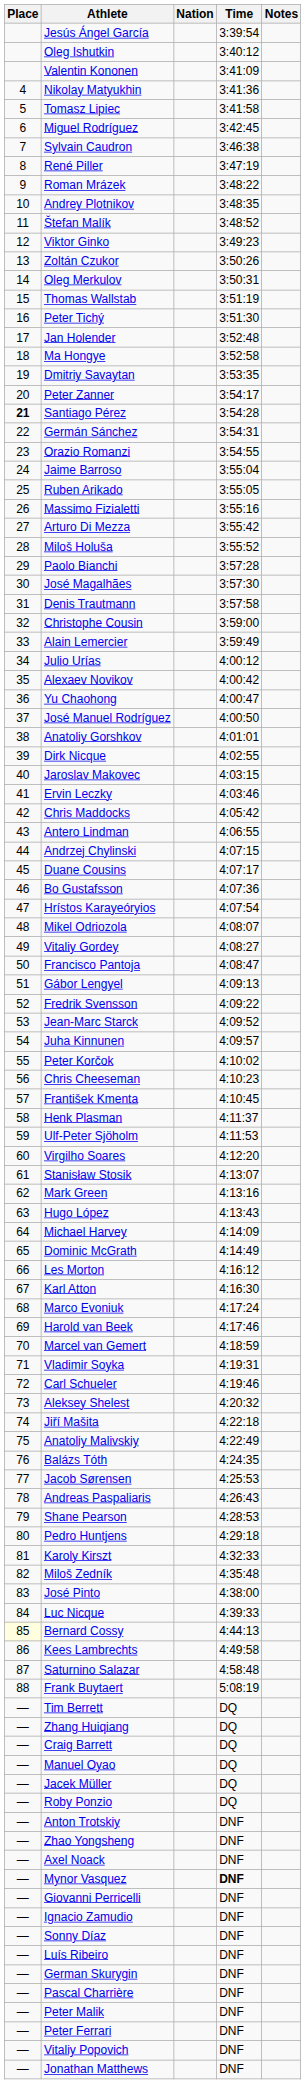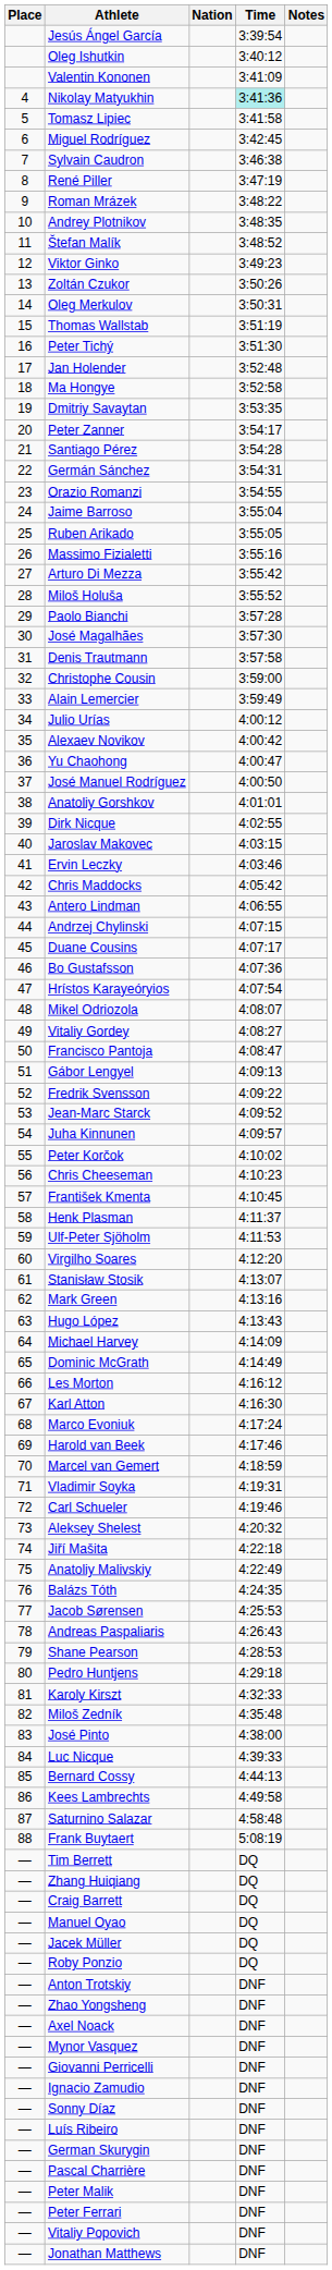 <table class=wikitable>
 <tr>
 <th>Place</th>
 <th>Athlete</th>
 <th>Nation</th>
 <th>Time</th>
 <th>Notes</th>
 </tr>
 <tr>
 <td align=center></td>
 <td><a href='#'>Jesús Ángel García</a></td>
 <td></td>
 <td>3:39:54</td>
 <td> </td>
 </tr>
 <tr>
 <td align=center></td>
 <td><a href='#'>Oleg Ishutkin</a></td>
 <td></td>
 <td>3:40:12</td>
 <td> </td>
 </tr>
 <tr>
 <td align=center></td>
 <td><a href='#'>Valentin Kononen</a></td>
 <td></td>
 <td>3:41:09</td>
 <td> </td>
 </tr>
 <tr>
 <td align=center>4</td>
 <td><a href='#'>Nikolay Matyukhin</a></td>
 <td></td>
-<td>3:41:36</td>
+<td style="background: paleturquoise;">3:41:36</td>
 <td> </td>
 </tr>
 <tr>
 <td align=center>5</td>
 <td><a href='#'>Tomasz Lipiec</a></td>
 <td></td>
 <td>3:41:58</td>
 <td> </td>
 </tr>
 <tr>
 <td align=center>6</td>
 <td><a href='#'>Miguel Rodríguez</a></td>
 <td></td>
 <td>3:42:45</td>
 <td> </td>
 </tr>
 <tr>
 <td align=center>7</td>
 <td><a href='#'>Sylvain Caudron</a></td>
 <td></td>
 <td>3:46:38</td>
 <td> </td>
 </tr>
 <tr>
 <td align=center>8</td>
 <td><a href='#'>René Piller</a></td>
 <td></td>
 <td>3:47:19</td>
 <td> </td>
 </tr>
 <tr>
 <td align=center>9</td>
 <td><a href='#'>Roman Mrázek</a></td>
 <td></td>
 <td>3:48:22</td>
 <td> </td>
 </tr>
 <tr>
 <td align=center>10</td>
 <td><a href='#'>Andrey Plotnikov</a></td>
 <td></td>
 <td>3:48:35</td>
 <td> </td>
 </tr>
 <tr>
 <td align=center>11</td>
 <td><a href='#'>Štefan Malík</a></td>
 <td></td>
 <td>3:48:52</td>
 <td> </td>
 </tr>
 <tr>
 <td align=center>12</td>
 <td><a href='#'>Viktor Ginko</a></td>
 <td></td>
 <td>3:49:23</td>
 <td> </td>
 </tr>
 <tr>
 <td align=center>13</td>
 <td><a href='#'>Zoltán Czukor</a></td>
 <td></td>
 <td>3:50:26</td>
 <td> </td>
 </tr>
 <tr>
 <td align=center>14</td>
 <td><a href='#'>Oleg Merkulov</a></td>
 <td></td>
 <td>3:50:31</td>
 <td> </td>
 </tr>
 <tr>
 <td align=center>15</td>
 <td><a href='#'>Thomas Wallstab</a></td>
 <td></td>
 <td>3:51:19</td>
 <td> </td>
 </tr>
 <tr>
 <td align=center>16</td>
 <td><a href='#'>Peter Tichý</a></td>
 <td></td>
 <td>3:51:30</td>
 <td> </td>
 </tr>
 <tr>
 <td align=center>17</td>
 <td><a href='#'>Jan Holender</a></td>
 <td></td>
 <td>3:52:48</td>
 <td> </td>
 </tr>
 <tr>
 <td align=center>18</td>
 <td><a href='#'>Ma Hongye</a></td>
 <td></td>
 <td>3:52:58</td>
 <td> </td>
 </tr>
 <tr>
 <td align=center>19</td>
 <td><a href='#'>Dmitriy Savaytan</a></td>
 <td></td>
 <td>3:53:35</td>
 <td> </td>
 </tr>
 <tr>
 <td align=center>20</td>
 <td><a href='#'>Peter Zanner</a></td>
 <td></td>
 <td>3:54:17</td>
 <td> </td>
 </tr>
 <tr>
-<td align=center><strong>21</strong></td>
+<td align=center>21</td>
 <td><a href='#'>Santiago Pérez</a></td>
 <td></td>
 <td>3:54:28</td>
 <td></td>
 </tr>
 <tr>
 <td align=center>22</td>
 <td><a href='#'>Germán Sánchez</a></td>
 <td></td>
 <td>3:54:31</td>
 <td></td>
 </tr>
 <tr>
 <td align=center>23</td>
 <td><a href='#'>Orazio Romanzi</a></td>
 <td></td>
 <td>3:54:55</td>
 <td></td>
 </tr>
 <tr>
 <td align=center>24</td>
 <td><a href='#'>Jaime Barroso</a></td>
 <td></td>
 <td>3:55:04</td>
 <td></td>
 </tr>
 <tr>
 <td align=center>25</td>
 <td><a href='#'>Ruben Arikado</a></td>
 <td></td>
 <td>3:55:05</td>
 <td></td>
 </tr>
 <tr>
 <td align=center>26</td>
 <td><a href='#'>Massimo Fizialetti</a></td>
 <td></td>
 <td>3:55:16</td>
 <td></td>
 </tr>
 <tr>
 <td align=center>27</td>
 <td><a href='#'>Arturo Di Mezza</a></td>
 <td></td>
 <td>3:55:42</td>
 <td></td>
 </tr>
 <tr>
 <td align=center>28</td>
 <td><a href='#'>Miloš Holuša</a></td>
 <td></td>
 <td>3:55:52</td>
 <td></td>
 </tr>
 <tr>
 <td align=center>29</td>
 <td><a href='#'>Paolo Bianchi</a></td>
 <td></td>
 <td>3:57:28</td>
 <td></td>
 </tr>
 <tr>
 <td align=center>30</td>
 <td><a href='#'>José Magalhães</a></td>
 <td></td>
 <td>3:57:30</td>
 <td></td>
 </tr>
 <tr>
 <td align=center>31</td>
 <td><a href='#'>Denis Trautmann</a></td>
 <td></td>
 <td>3:57:58</td>
 <td></td>
 </tr>
 <tr>
 <td align=center>32</td>
 <td><a href='#'>Christophe Cousin</a></td>
 <td></td>
 <td>3:59:00</td>
 <td></td>
 </tr>
 <tr>
 <td align=center>33</td>
 <td><a href='#'>Alain Lemercier</a></td>
 <td></td>
 <td>3:59:49</td>
 <td></td>
 </tr>
 <tr>
 <td align=center>34</td>
 <td><a href='#'>Julio Urías</a></td>
 <td></td>
 <td>4:00:12</td>
 <td></td>
 </tr>
 <tr>
 <td align=center>35</td>
 <td><a href='#'>Alexaev Novikov</a></td>
 <td></td>
 <td>4:00:42</td>
 <td></td>
 </tr>
 <tr>
 <td align=center>36</td>
 <td><a href='#'>Yu Chaohong</a></td>
 <td></td>
 <td>4:00:47</td>
 <td></td>
 </tr>
 <tr>
 <td align=center>37</td>
 <td><a href='#'>José Manuel Rodríguez</a></td>
 <td></td>
 <td>4:00:50</td>
 <td></td>
 </tr>
 <tr>
 <td align=center>38</td>
 <td><a href='#'>Anatoliy Gorshkov</a></td>
 <td></td>
 <td>4:01:01</td>
 <td></td>
 </tr>
 <tr>
 <td align=center>39</td>
 <td><a href='#'>Dirk Nicque</a></td>
 <td></td>
 <td>4:02:55</td>
 <td></td>
 </tr>
 <tr>
 <td align=center>40</td>
 <td><a href='#'>Jaroslav Makovec</a></td>
 <td></td>
 <td>4:03:15</td>
 <td></td>
 </tr>
 <tr>
 <td align=center>41</td>
 <td><a href='#'>Ervin Leczky</a></td>
 <td></td>
 <td>4:03:46</td>
 <td></td>
 </tr>
 <tr>
 <td align=center>42</td>
 <td><a href='#'>Chris Maddocks</a></td>
 <td></td>
 <td>4:05:42</td>
 <td></td>
 </tr>
 <tr>
 <td align=center>43</td>
 <td><a href='#'>Antero Lindman</a></td>
 <td></td>
 <td>4:06:55</td>
 <td></td>
 </tr>
 <tr>
 <td align=center>44</td>
 <td><a href='#'>Andrzej Chylinski</a></td>
 <td></td>
 <td>4:07:15</td>
 <td></td>
 </tr>
 <tr>
 <td align=center>45</td>
 <td><a href='#'>Duane Cousins</a></td>
 <td></td>
 <td>4:07:17</td>
 <td></td>
 </tr>
 <tr>
 <td align=center>46</td>
 <td><a href='#'>Bo Gustafsson</a></td>
 <td></td>
 <td>4:07:36</td>
 <td></td>
 </tr>
 <tr>
 <td align=center>47</td>
 <td><a href='#'>Hrístos Karayeóryios</a></td>
 <td></td>
 <td>4:07:54</td>
 <td></td>
 </tr>
 <tr>
 <td align=center>48</td>
 <td><a href='#'>Mikel Odriozola</a></td>
 <td></td>
 <td>4:08:07</td>
 <td></td>
 </tr>
 <tr>
 <td align=center>49</td>
 <td><a href='#'>Vitaliy Gordey</a></td>
 <td></td>
 <td>4:08:27</td>
 <td></td>
 </tr>
 <tr>
 <td align=center>50</td>
 <td><a href='#'>Francisco Pantoja</a></td>
 <td></td>
 <td>4:08:47</td>
 <td></td>
 </tr>
 <tr>
 <td align=center>51</td>
 <td><a href='#'>Gábor Lengyel</a></td>
 <td></td>
 <td>4:09:13</td>
 <td></td>
 </tr>
 <tr>
 <td align=center>52</td>
 <td><a href='#'>Fredrik Svensson</a></td>
 <td></td>
 <td>4:09:22</td>
 <td></td>
 </tr>
 <tr>
 <td align=center>53</td>
 <td><a href='#'>Jean-Marc Starck</a></td>
 <td></td>
 <td>4:09:52</td>
 <td></td>
 </tr>
 <tr>
 <td align=center>54</td>
 <td><a href='#'>Juha Kinnunen</a></td>
 <td></td>
 <td>4:09:57</td>
 <td></td>
 </tr>
 <tr>
 <td align=center>55</td>
 <td><a href='#'>Peter Korčok</a></td>
 <td></td>
 <td>4:10:02</td>
 <td></td>
 </tr>
 <tr>
 <td align=center>56</td>
 <td><a href='#'>Chris Cheeseman</a></td>
 <td></td>
 <td>4:10:23</td>
 <td></td>
 </tr>
 <tr>
 <td align=center>57</td>
 <td><a href='#'>František Kmenta</a></td>
 <td></td>
 <td>4:10:45</td>
 <td></td>
 </tr>
 <tr>
 <td align=center>58</td>
 <td><a href='#'>Henk Plasman</a></td>
 <td></td>
 <td>4:11:37</td>
 <td></td>
 </tr>
 <tr>
 <td align=center>59</td>
 <td><a href='#'>Ulf-Peter Sjöholm</a></td>
 <td></td>
 <td>4:11:53</td>
 <td></td>
 </tr>
 <tr>
 <td align=center>60</td>
 <td><a href='#'>Virgilho Soares</a></td>
 <td></td>
 <td>4:12:20</td>
 <td></td>
 </tr>
 <tr>
 <td align=center>61</td>
 <td><a href='#'>Stanisław Stosik</a></td>
 <td></td>
 <td>4:13:07</td>
 <td></td>
 </tr>
 <tr>
 <td align=center>62</td>
 <td><a href='#'>Mark Green</a></td>
 <td></td>
 <td>4:13:16</td>
 <td></td>
 </tr>
 <tr>
 <td align=center>63</td>
 <td><a href='#'>Hugo López</a></td>
 <td></td>
 <td>4:13:43</td>
 <td></td>
 </tr>
 <tr>
 <td align=center>64</td>
 <td><a href='#'>Michael Harvey</a></td>
 <td></td>
 <td>4:14:09</td>
 <td></td>
 </tr>
 <tr>
 <td align=center>65</td>
 <td><a href='#'>Dominic McGrath</a></td>
 <td></td>
 <td>4:14:49</td>
 <td></td>
 </tr>
 <tr>
 <td align=center>66</td>
 <td><a href='#'>Les Morton</a></td>
 <td></td>
 <td>4:16:12</td>
 <td></td>
 </tr>
 <tr>
 <td align=center>67</td>
 <td><a href='#'>Karl Atton</a></td>
 <td></td>
 <td>4:16:30</td>
 <td></td>
 </tr>
 <tr>
 <td align=center>68</td>
 <td><a href='#'>Marco Evoniuk</a></td>
 <td></td>
 <td>4:17:24</td>
 <td></td>
 </tr>
 <tr>
 <td align=center>69</td>
 <td><a href='#'>Harold van Beek</a></td>
 <td></td>
 <td>4:17:46</td>
 <td></td>
 </tr>
 <tr>
 <td align=center>70</td>
 <td><a href='#'>Marcel van Gemert</a></td>
 <td></td>
 <td>4:18:59</td>
 <td></td>
 </tr>
 <tr>
 <td align=center>71</td>
 <td><a href='#'>Vladimir Soyka</a></td>
 <td></td>
 <td>4:19:31</td>
 <td></td>
 </tr>
 <tr>
 <td align=center>72</td>
 <td><a href='#'>Carl Schueler</a></td>
 <td></td>
 <td>4:19:46</td>
 <td></td>
 </tr>
 <tr>
 <td align=center>73</td>
 <td><a href='#'>Aleksey Shelest</a></td>
 <td></td>
 <td>4:20:32</td>
 <td></td>
 </tr>
 <tr>
 <td align=center>74</td>
 <td><a href='#'>Jiří Mašita</a></td>
 <td></td>
 <td>4:22:18</td>
 <td></td>
 </tr>
 <tr>
 <td align=center>75</td>
 <td><a href='#'>Anatoliy Malivskiy</a></td>
 <td></td>
 <td>4:22:49</td>
 <td></td>
 </tr>
 <tr>
 <td align=center>76</td>
 <td><a href='#'>Balázs Tóth</a></td>
 <td></td>
 <td>4:24:35</td>
 <td></td>
 </tr>
 <tr>
 <td align=center>77</td>
 <td><a href='#'>Jacob Sørensen</a></td>
 <td></td>
 <td>4:25:53</td>
 <td></td>
 </tr>
 <tr>
 <td align=center>78</td>
 <td><a href='#'>Andreas Paspaliaris</a></td>
 <td></td>
 <td>4:26:43</td>
 <td></td>
 </tr>
 <tr>
 <td align=center>79</td>
 <td><a href='#'>Shane Pearson</a></td>
 <td></td>
 <td>4:28:53</td>
 <td></td>
 </tr>
 <tr>
 <td align=center>80</td>
 <td><a href='#'>Pedro Huntjens</a></td>
 <td></td>
 <td>4:29:18</td>
 <td></td>
 </tr>
 <tr>
 <td align=center>81</td>
 <td><a href='#'>Karoly Kirszt</a></td>
 <td></td>
 <td>4:32:33</td>
 <td></td>
 </tr>
 <tr>
 <td align=center>82</td>
 <td><a href='#'>Miloš Zedník</a></td>
 <td></td>
 <td>4:35:48</td>
 <td></td>
 </tr>
 <tr>
 <td align=center>83</td>
 <td><a href='#'>José Pinto</a></td>
 <td></td>
 <td>4:38:00</td>
 <td></td>
 </tr>
 <tr>
 <td align=center>84</td>
 <td><a href='#'>Luc Nicque</a></td>
 <td></td>
 <td>4:39:33</td>
 <td></td>
 </tr>
 <tr>
-<td align=center style="background: lightyellow;">85</td>
+<td align=center>85</td>
 <td><a href='#'>Bernard Cossy</a></td>
 <td></td>
 <td>4:44:13</td>
 <td></td>
 </tr>
 <tr>
 <td align=center>86</td>
 <td><a href='#'>Kees Lambrechts</a></td>
 <td></td>
 <td>4:49:58</td>
 <td></td>
 </tr>
 <tr>
 <td align=center>87</td>
 <td><a href='#'>Saturnino Salazar</a></td>
 <td></td>
 <td>4:58:48</td>
 <td></td>
 </tr>
 <tr>
 <td align=center>88</td>
 <td><a href='#'>Frank Buytaert</a></td>
 <td></td>
 <td>5:08:19</td>
 <td></td>
 </tr>
 <tr>
 <td align=center>—</td>
 <td><a href='#'>Tim Berrett</a></td>
 <td></td>
 <td>DQ</td>
 <td></td>
 </tr>
 <tr>
 <td align=center>—</td>
 <td><a href='#'>Zhang Huiqiang</a></td>
 <td></td>
 <td>DQ</td>
 <td></td>
 </tr>
 <tr>
 <td align=center>—</td>
 <td><a href='#'>Craig Barrett</a></td>
 <td></td>
 <td>DQ</td>
 <td></td>
 </tr>
 <tr>
 <td align=center>—</td>
 <td><a href='#'>Manuel Oyao</a></td>
 <td></td>
 <td>DQ</td>
 <td></td>
 </tr>
 <tr>
 <td align=center>—</td>
 <td><a href='#'>Jacek Müller</a></td>
 <td></td>
 <td>DQ</td>
 <td></td>
 </tr>
 <tr>
 <td align=center>—</td>
 <td><a href='#'>Roby Ponzio</a></td>
 <td></td>
 <td>DQ</td>
 <td></td>
 </tr>
 <tr>
 <td align=center>—</td>
 <td><a href='#'>Anton Trotskiy</a></td>
 <td></td>
 <td>DNF</td>
 <td></td>
 </tr>
 <tr>
 <td align=center>—</td>
 <td><a href='#'>Zhao Yongsheng</a></td>
 <td></td>
 <td>DNF</td>
 <td></td>
 </tr>
 <tr>
 <td align=center>—</td>
 <td><a href='#'>Axel Noack</a></td>
 <td></td>
 <td>DNF</td>
 <td></td>
 </tr>
 <tr>
 <td align=center>—</td>
 <td><a href='#'>Mynor Vasquez</a></td>
 <td></td>
-<td><strong>DNF</strong></td>
+<td>DNF</td>
 <td></td>
 </tr>
 <tr>
 <td align=center>—</td>
 <td><a href='#'>Giovanni Perricelli</a></td>
 <td></td>
 <td>DNF</td>
 <td></td>
 </tr>
 <tr>
 <td align=center>—</td>
 <td><a href='#'>Ignacio Zamudio</a></td>
 <td></td>
 <td>DNF</td>
 <td></td>
 </tr>
 <tr>
 <td align=center>—</td>
 <td><a href='#'>Sonny Díaz</a></td>
 <td></td>
 <td>DNF</td>
 <td></td>
 </tr>
 <tr>
 <td align=center>—</td>
 <td><a href='#'>Luís Ribeiro</a></td>
 <td></td>
 <td>DNF</td>
 <td></td>
 </tr>
 <tr>
 <td align=center>—</td>
 <td><a href='#'>German Skurygin</a></td>
 <td></td>
 <td>DNF</td>
 <td></td>
 </tr>
 <tr>
 <td align=center>—</td>
 <td><a href='#'>Pascal Charrière</a></td>
 <td></td>
 <td>DNF</td>
 <td></td>
 </tr>
 <tr>
 <td align=center>—</td>
 <td><a href='#'>Peter Malik</a></td>
 <td></td>
 <td>DNF</td>
 <td></td>
 </tr>
 <tr>
 <td align=center>—</td>
 <td><a href='#'>Peter Ferrari</a></td>
 <td></td>
 <td>DNF</td>
 <td></td>
 </tr>
 <tr>
 <td align=center>—</td>
 <td><a href='#'>Vitaliy Popovich</a></td>
 <td></td>
 <td>DNF</td>
 <td></td>
 </tr>
 <tr>
 <td align=center>—</td>
 <td><a href='#'>Jonathan Matthews</a></td>
 <td></td>
 <td>DNF</td>
 <td></td>
 </tr>
 </table>
